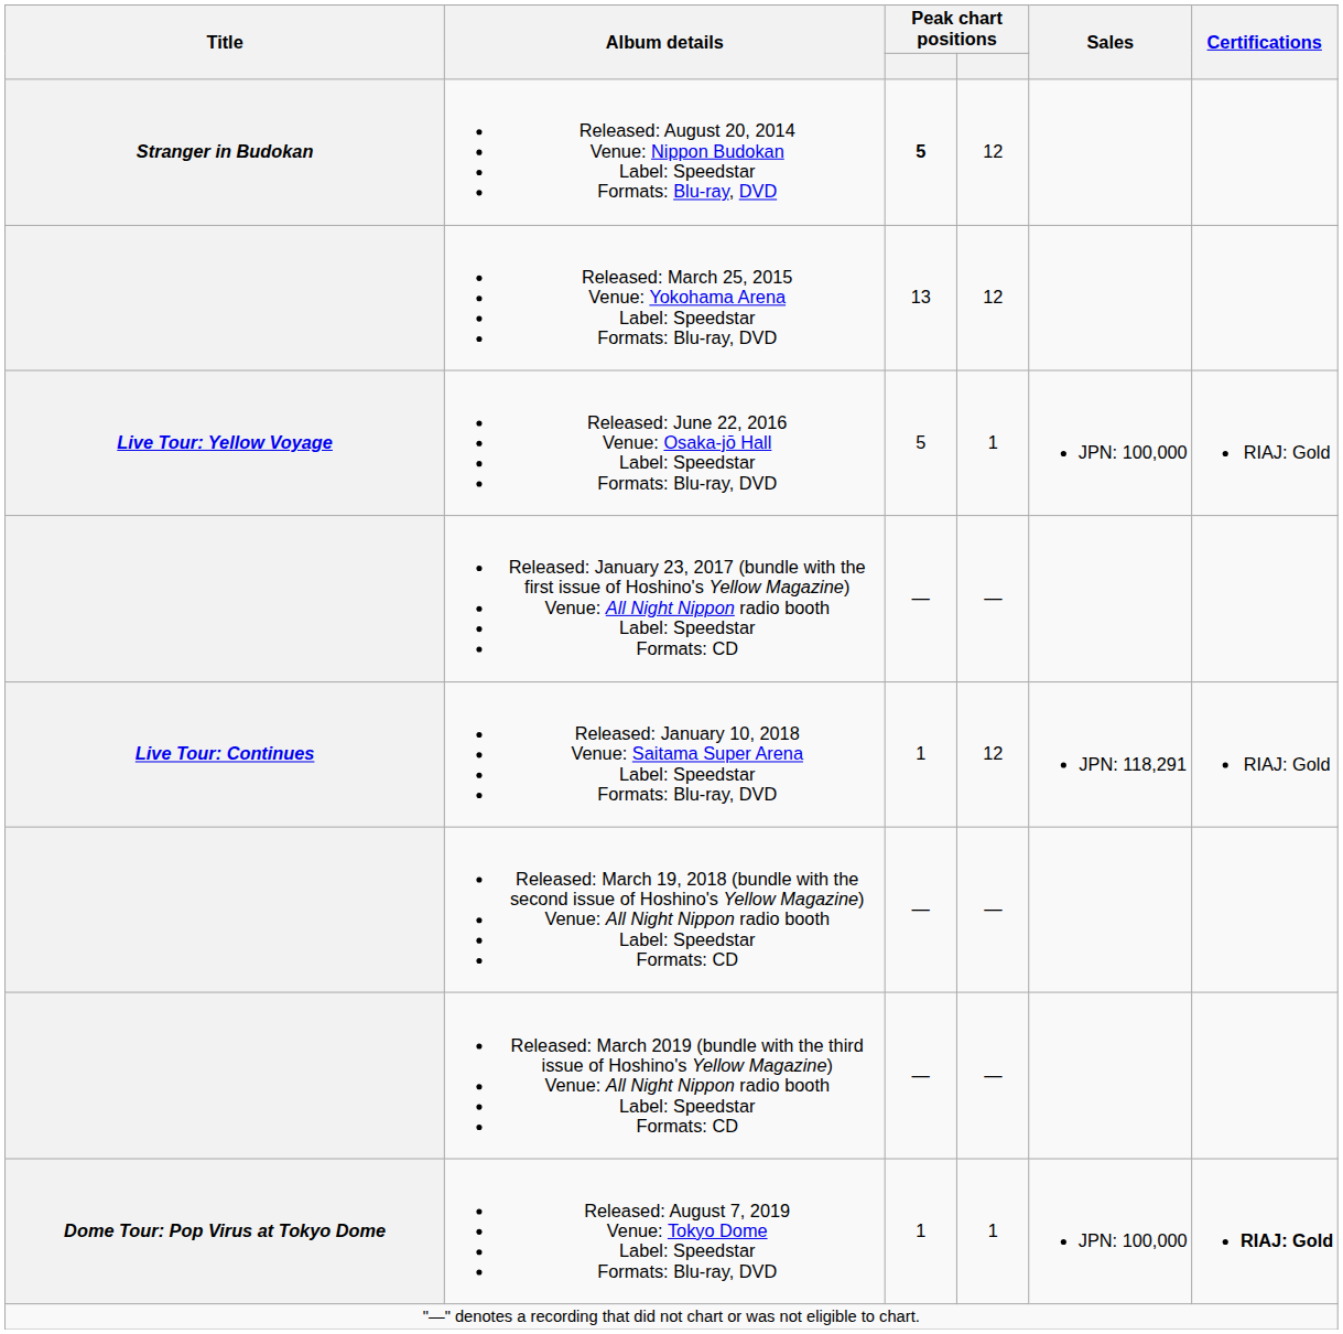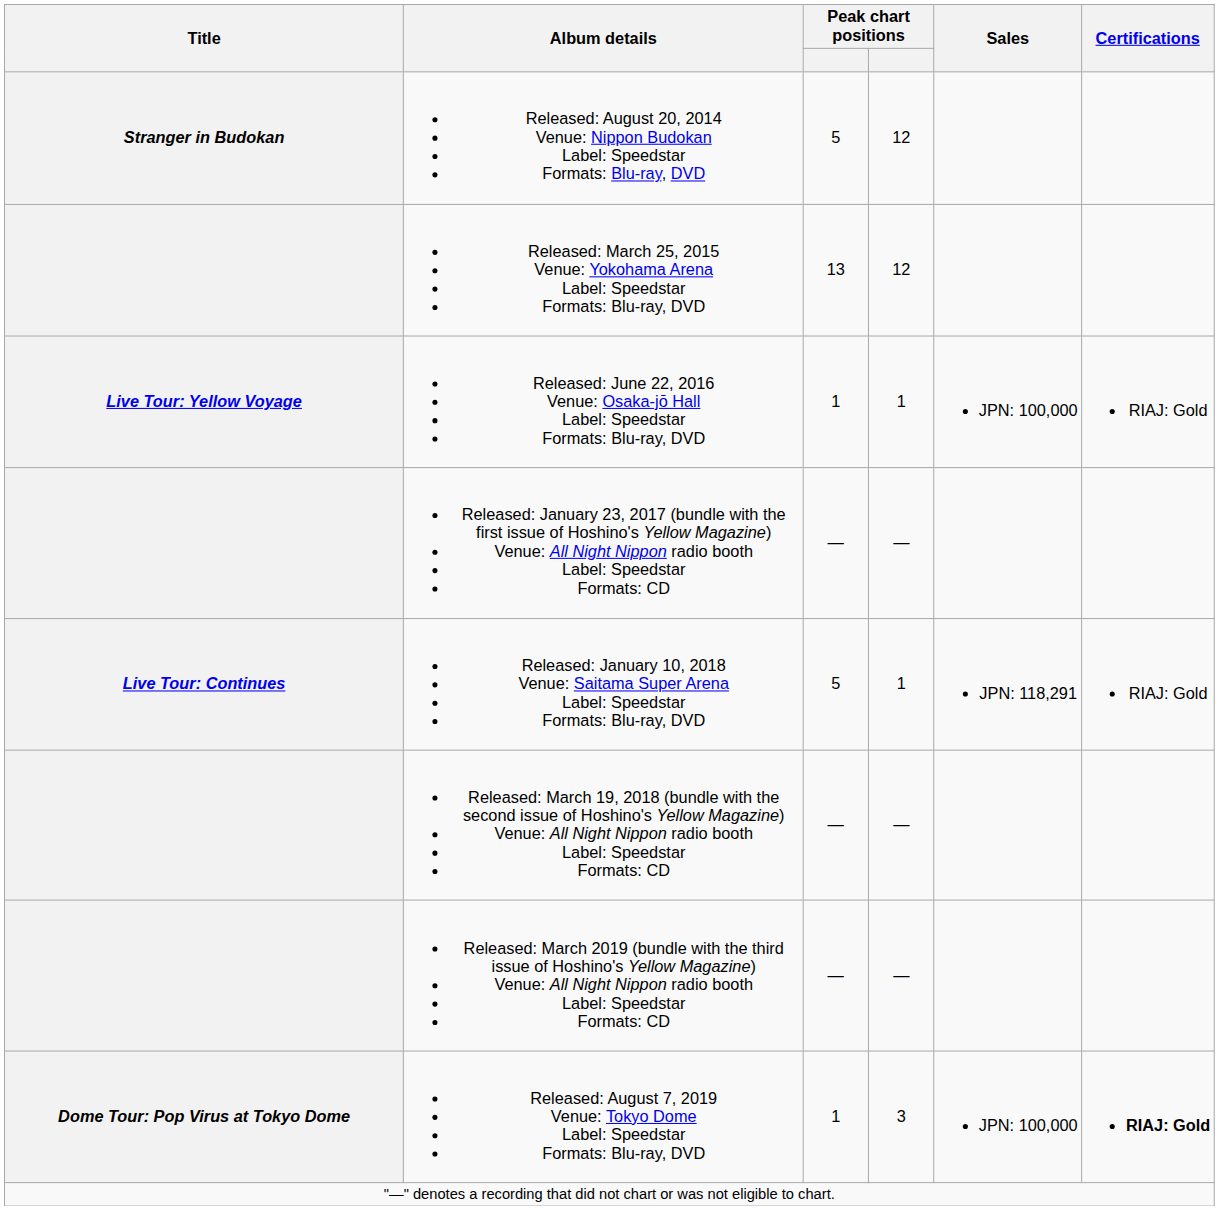 <table class="wikitable plainrowheaders" style="text-align:center;">
 <tr>
 <th scope="col" style="width:24em;" rowspan="2">Title</th>
 <th scope="col" rowspan="2" style="width:24em;">Album details</th>
 <th scope="colgroup" colspan="2">Peak chart positions</th>
 <th scope="col" rowspan="2" style="width:;">Sales</th>
 <th scope="col" rowspan="2" style="width:;"><a href='#'>Certifications</a></th>
 </tr>
 <tr>
 <th scope="col" style="width:4em;font-size:90%;"><br></th>
 <th scope="col" style="width:4em;font-size:90%;"><br></th>
 </tr>
 <tr>
 <th scope="row"><em>Stranger in Budokan</em></th>
 <td><br><ul><li>Released: August 20, 2014</li><li>Venue: <a href='#'>Nippon Budokan</a></li><li>Label: Speedstar</li><li>Formats: <a href='#'>Blu-ray</a>, <a href='#'>DVD</a></li></ul></td>
-<td><strong>5</strong></td>
+<td>5</td>
 <td>12</td>
 <td></td>
 <td></td>
 </tr>
 <tr>
 <th scope="row"></th>
 <td><br><ul><li>Released: March 25, 2015</li><li>Venue: <a href='#'>Yokohama Arena</a></li><li>Label: Speedstar</li><li>Formats: Blu-ray, DVD</li></ul></td>
 <td>13</td>
 <td>12</td>
 <td></td>
 <td></td>
 </tr>
 <tr>
 <th scope="row"><em><a href='#'>Live Tour: Yellow Voyage</a></em></th>
 <td><br><ul><li>Released: June 22, 2016</li><li>Venue: <a href='#'>Osaka-jō Hall</a></li><li>Label: Speedstar</li><li>Formats: Blu-ray, DVD</li></ul></td>
-<td>5</td>
+<td>1</td>
 <td>1</td>
 <td><br><ul><li>JPN: 100,000</li></ul></td>
 <td><br><ul><li>RIAJ: Gold</li></ul></td>
 </tr>
 <tr>
 <th scope="row"></th>
 <td><br><ul><li>Released: January 23, 2017 (bundle with the first issue of Hoshino's <em>Yellow Magazine</em>)</li><li>Venue: <em><a href='#'>All Night Nippon</a></em> radio booth</li><li>Label: Speedstar</li><li>Formats: CD</li></ul></td>
 <td>—</td>
 <td>—</td>
 <td></td>
 <td></td>
 </tr>
 <tr>
 <th scope="row"><em><a href='#'>Live Tour: Continues</a></em></th>
 <td><br><ul><li>Released: January 10, 2018</li><li>Venue: <a href='#'>Saitama Super Arena</a></li><li>Label: Speedstar</li><li>Formats: Blu-ray, DVD</li></ul></td>
+<td>5</td>
 <td>1</td>
-<td>12</td>
 <td><br><ul><li>JPN: 118,291</li></ul></td>
 <td><br><ul><li>RIAJ: Gold</li></ul></td>
 </tr>
 <tr>
 <th scope="row"></th>
 <td><br><ul><li>Released: March 19, 2018 (bundle with the second issue of Hoshino's <em>Yellow Magazine</em>)</li><li>Venue: <em>All Night Nippon</em> radio booth</li><li>Label: Speedstar</li><li>Formats: CD</li></ul></td>
 <td>—</td>
 <td>—</td>
 <td></td>
 <td></td>
 </tr>
 <tr>
 <th scope="row"></th>
 <td><br><ul><li>Released: March 2019 (bundle with the third issue of Hoshino's <em>Yellow Magazine</em>)</li><li>Venue: <em>All Night Nippon</em> radio booth</li><li>Label: Speedstar</li><li>Formats: CD</li></ul></td>
 <td>—</td>
 <td>—</td>
 <td></td>
 <td></td>
 </tr>
 <tr>
 <th scope="row"><em>Dome Tour: Pop Virus at Tokyo Dome</em></th>
 <td><br><ul><li>Released: August 7, 2019</li><li>Venue: <a href='#'>Tokyo Dome</a></li><li>Label: Speedstar</li><li>Formats: Blu-ray, DVD</li></ul></td>
 <td>1</td>
-<td>1</td>
+<td>3</td>
 <td><br><ul><li>JPN: 100,000</li></ul></td>
 <td><strong><br><ul><li>RIAJ: Gold</li></ul></strong></td>
 </tr>
 <tr>
 <td colspan="12" style="font-size:90%">"—" denotes a recording that did not chart or was not eligible to chart.</td>
 </tr>
 </table>
